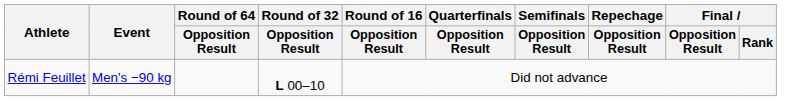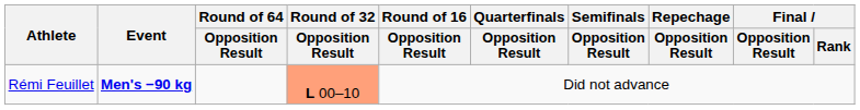 <table class="wikitable" style="font-size:90%">
 <tr>
 <th rowspan="2">Athlete</th>
 <th rowspan="2">Event</th>
 <th>Round of 64</th>
 <th>Round of 32</th>
 <th>Round of 16</th>
 <th>Quarterfinals</th>
 <th>Semifinals</th>
 <th>Repechage</th>
 <th colspan=2>Final / </th>
 </tr>
 <tr style="font-size:95%">
 <th>Opposition<br>Result</th>
 <th>Opposition<br>Result</th>
 <th>Opposition<br>Result</th>
 <th>Opposition<br>Result</th>
 <th>Opposition<br>Result</th>
 <th>Opposition<br>Result</th>
 <th>Opposition<br>Result</th>
 <th>Rank</th>
 </tr>
 <tr align=center>
 <td align=left><a href='#'>Rémi Feuillet</a></td>
-<td align=left><a href='#'>Men's −90 kg</a></td>
+<td align=left><strong><a href='#'>Men's −90 kg</a></strong></td>
 <td></td>
-<td><br><strong>L</strong> 00–10</td>
+<td style="background: lightsalmon;"><br><strong>L</strong> 00–10</td>
 <td colspan=6>Did not advance</td>
 </tr>
 </table>
